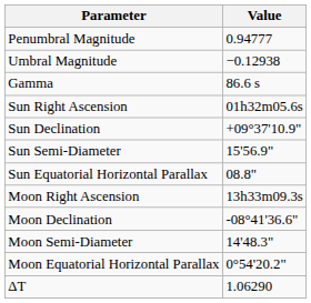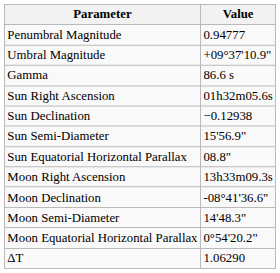 <table class="wikitable">
 <tr>
 <th>Parameter</th>
 <th>Value</th>
 </tr>
 <tr>
 <td>Penumbral Magnitude</td>
 <td>0.94777</td>
 </tr>
 <tr>
 <td>Umbral Magnitude</td>
-<td>−0.12938</td>
+<td>+09°37'10.9"</td>
 </tr>
 <tr>
 <td>Gamma</td>
 <td>86.6 s</td>
 </tr>
 <tr>
 <td>Sun Right Ascension</td>
 <td>01h32m05.6s</td>
 </tr>
 <tr>
 <td>Sun Declination</td>
-<td>+09°37'10.9"</td>
+<td>−0.12938</td>
 </tr>
 <tr>
 <td>Sun Semi-Diameter</td>
 <td>15'56.9"</td>
 </tr>
 <tr>
 <td>Sun Equatorial Horizontal Parallax</td>
 <td>08.8"</td>
 </tr>
 <tr>
 <td>Moon Right Ascension</td>
 <td>13h33m09.3s</td>
 </tr>
 <tr>
 <td>Moon Declination</td>
 <td>-08°41'36.6"</td>
 </tr>
 <tr>
 <td>Moon Semi-Diameter</td>
 <td>14'48.3"</td>
 </tr>
 <tr>
 <td>Moon Equatorial Horizontal Parallax</td>
 <td>0°54'20.2"</td>
 </tr>
 <tr>
 <td>ΔT</td>
 <td>1.06290</td>
 </tr>
 </table>
